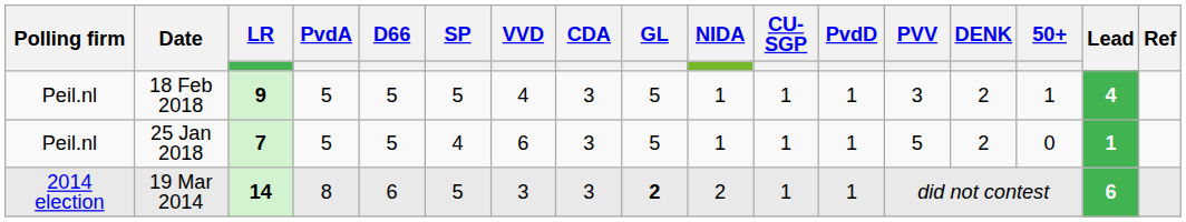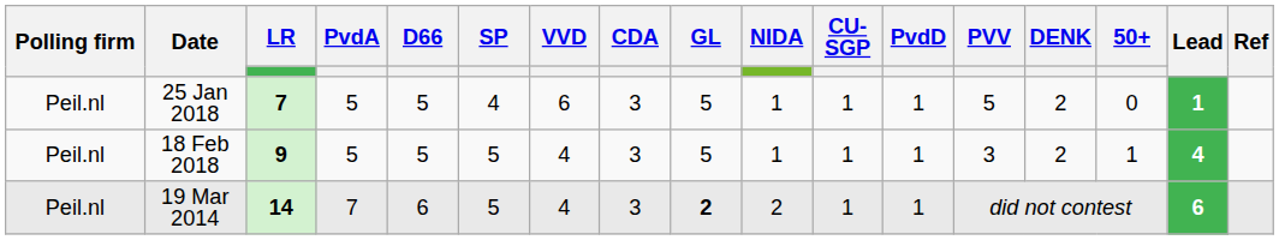 <table class="wikitable sortable" style="text-align:center;font-size:90%;line-height:14px;">
 <tr style="height:40px;">
 <th style="width:85px;" rowspan="2">Polling firm</th>
 <th style="width:60px;" rowspan="2">Date</th>
 <th class="unsortable" style="width:40px;"><a href='#'>LR</a></th>
 <th class="unsortable" style="width:40px;"><a href='#'>PvdA</a></th>
 <th class="unsortable" style="width:40px;"><a href='#'>D66</a></th>
 <th class="unsortable" style="width:40px;"><a href='#'>SP</a></th>
 <th class="unsortable" style="width:40px;"><a href='#'>VVD</a></th>
 <th class="unsortable" style="width:40px;"><a href='#'>CDA</a></th>
 <th class="unsortable" style="width:40px;"><a href='#'>GL</a></th>
 <th class="unsortable" style="width:40px;"><a href='#'>NIDA</a></th>
 <th class="unsortable" style="width:40px;"><a href='#'>CU-SGP</a></th>
 <th class="unsortable" style="width:40px;"><a href='#'>PvdD</a></th>
 <th class="unsortable" style="width:40px;"><a href='#'>PVV</a></th>
 <th class="unsortable" style="width:40px;"><a href='#'>DENK</a></th>
 <th class="unsortable" style="width:40px;"><a href='#'>50+</a></th>
 <th style="width:30px;" rowspan="2">Lead</th>
 <th rowspan="2">Ref</th>
 </tr>
 <tr>
 <th style="background:#41b351;"></th>
 <th style="background:"></th>
 <th style="background:"></th>
 <th style="background:"></th>
 <th style="background:"></th>
 <th style="background:"></th>
 <th style="background:"></th>
 <th style="background:#76b729;"></th>
 <th style="background:"></th>
 <th style="background:"></th>
 <th style="background:"></th>
 <th style="background:"></th>
 <th style="background:"></th>
 </tr>
 <tr>
 <td>Peil.nl</td>
+<td>25 Jan 2018</td>
+<td style="background:#D3F2D0"><strong>7</strong></td>
+<td>5</td>
+<td>5</td>
+<td>4</td>
+<td>6</td>
+<td>3</td>
+<td>5</td>
+<td>1</td>
+<td>1</td>
+<td>1</td>
+<td>5</td>
+<td>2</td>
+<td>0</td>
+<td style="background:#41b351;color:#FFFFFF"><strong>1</strong></td>
+<td></td>
+</tr>
+<tr>
+<td>Peil.nl</td>
 <td>18 Feb 2018</td>
 <td style="background:#D3F2D0"><strong>9</strong></td>
 <td>5</td>
 <td>5</td>
 <td>5</td>
 <td>4</td>
 <td>3</td>
 <td>5</td>
 <td>1</td>
 <td>1</td>
 <td>1</td>
 <td>3</td>
 <td>2</td>
 <td>1</td>
 <td style="background:#41b351;color:#FFFFFF"><strong>4</strong></td>
 <td></td>
 </tr>
-<tr>
+<tr style="background-color:#E9E9E9">
 <td>Peil.nl</td>
-<td>25 Jan 2018</td>
-<td style="background:#D3F2D0"><strong>7</strong></td>
-<td>5</td>
+<td>19 Mar 2014</td>
+<td style="background:#D3F2D0"><strong>14</strong></td>
+<td>7</td>
+<td>6</td>
 <td>5</td>
 <td>4</td>
-<td>6</td>
-<td>3</td>
-<td>5</td>
-<td>1</td>
-<td>1</td>
-<td>1</td>
-<td>5</td>
-<td>2</td>
-<td>0</td>
-<td style="background:#41b351;color:#FFFFFF"><strong>1</strong></td>
-<td></td>
-</tr>
-<tr style="background-color:#E9E9E9">
-<td><a href='#'>2014 election</a></td>
-<td>19 Mar 2014</td>
-<td style="background:#D3F2D0"><strong>14</strong></td>
-<td>8</td>
-<td>6</td>
-<td>5</td>
-<td>3</td>
 <td>3</td>
 <td><strong>2</strong></td>
 <td>2</td>
 <td>1</td>
 <td>1</td>
 <td colspan=3><em>did not contest</em></td>
 <td style="background:#41b351;color:#FFFFFF"><strong>6</strong></td>
 <td></td>
 </tr>
 </table>
